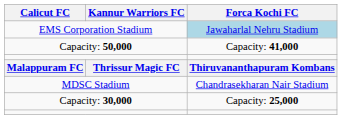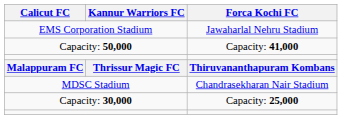 <table class="wikitable" style="text-align:center; font-size:100%;">
 <tr>
 <th><a href='#'>Calicut FC</a></th>
 <th><a href='#'>Kannur Warriors FC</a></th>
 <th><a href='#'>Forca Kochi FC</a></th>
 </tr>
 <tr>
 <td colspan="2"><a href='#'>EMS Corporation Stadium</a></td>
-<td style="background: lightblue;"><a href='#'>Jawaharlal Nehru Stadium</a></td>
+<td><a href='#'>Jawaharlal Nehru Stadium</a></td>
 </tr>
 <tr>
 <td colspan="2">Capacity: <strong>50,000</strong></td>
 <td>Capacity: <strong>41,000</strong></td>
 </tr>
 <tr>
 <td colspan="2"></td>
 <td></td>
 </tr>
 <tr>
 <th><a href='#'>Malappuram FC</a></th>
 <th><a href='#'>Thrissur Magic FC</a></th>
 <th><a href='#'>Thiruvananthapuram Kombans</a></th>
 </tr>
 <tr>
 <td colspan="2"><a href='#'>MDSC Stadium</a></td>
 <td><a href='#'>Chandrasekharan Nair Stadium</a></td>
 </tr>
 <tr>
 <td colspan="2">Capacity: <strong>30,000</strong></td>
 <td>Capacity: <strong>25,000</strong></td>
 </tr>
 <tr>
 <td colspan="2"></td>
 <td></td>
 </tr>
 </table>
